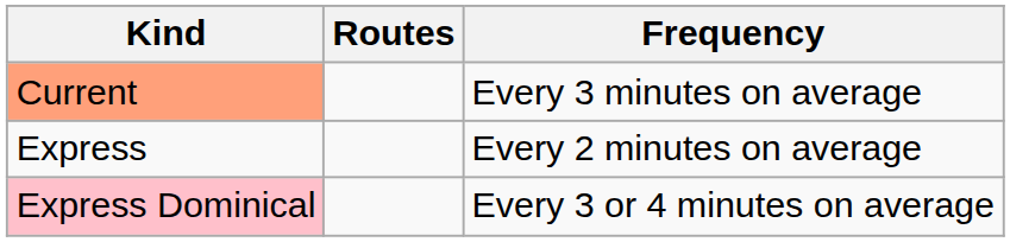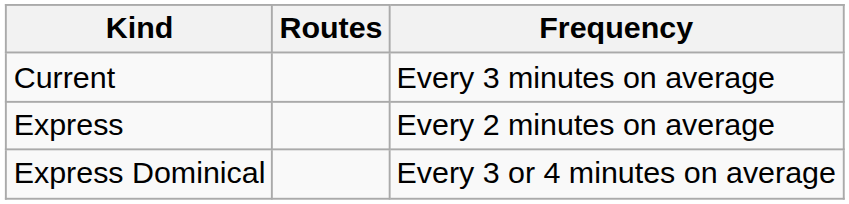 <table class="wikitable" style="margin-left: auto; margin-right: auto; border: none;">
 <tr>
 <th>Kind</th>
 <th>Routes</th>
 <th>Frequency</th>
 </tr>
 <tr>
-<td style="background: lightsalmon;">Current</td>
+<td>Current</td>
 <td>  </td>
 <td>Every 3 minutes on average</td>
 </tr>
 <tr>
 <td>Express</td>
 <td>   </td>
 <td>Every 2 minutes on average</td>
 </tr>
 <tr>
-<td style="background: pink;">Express Dominical</td>
+<td>Express Dominical</td>
 <td></td>
 <td>Every 3 or 4 minutes on average</td>
 </tr>
 </table>
